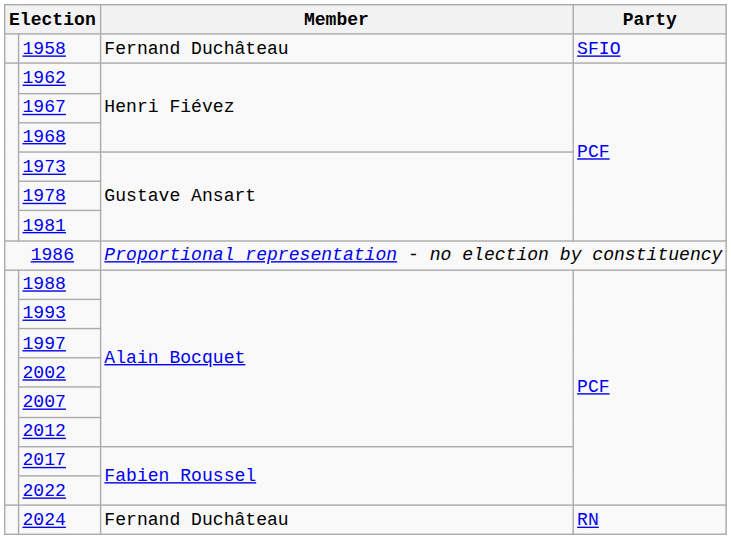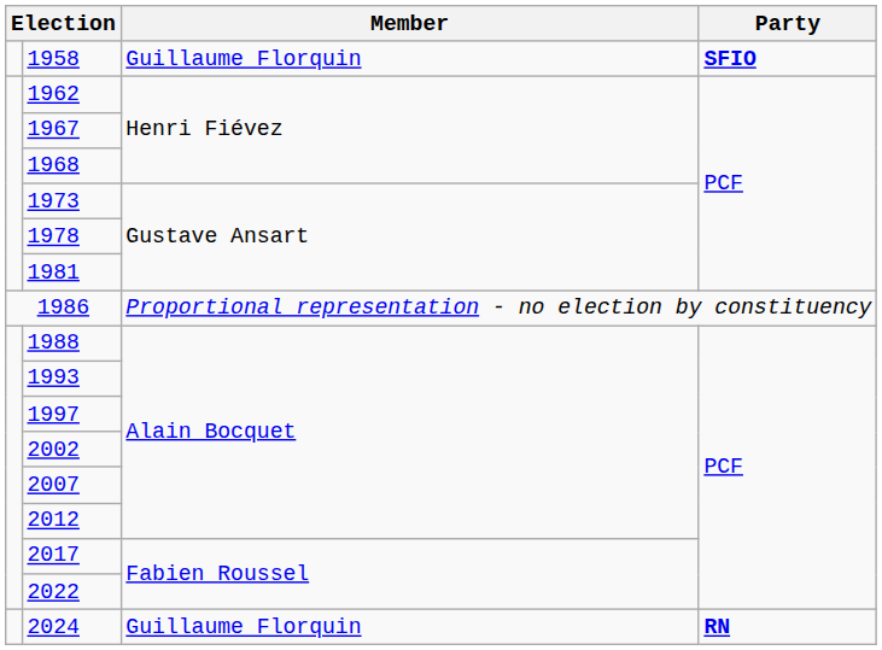 <table class="wikitable">
 <tr>
 <th colspan="2">Election</th>
 <th>Member</th>
 <th>Party</th>
 </tr>
 <tr>
 <td style="color:inherit;background-color: "></td>
 <td><a href='#'>1958</a></td>
-<td>Fernand Duchâteau</td>
-<td><a href='#'>SFIO</a></td>
+<td><a href='#'>Guillaume Florquin</a></td>
+<td><strong><a href='#'>SFIO</a></strong></td>
 </tr>
 <tr>
 <td rowspan="6" style="color:inherit;background-color: "></td>
 <td><a href='#'>1962</a></td>
 <td rowspan="3">Henri Fiévez</td>
 <td rowspan="6"><a href='#'>PCF</a></td>
 </tr>
 <tr>
 <td><a href='#'>1967</a></td>
 </tr>
 <tr>
 <td><a href='#'>1968</a></td>
 </tr>
 <tr>
 <td><a href='#'>1973</a></td>
 <td rowspan="3">Gustave Ansart</td>
 </tr>
 <tr>
 <td><a href='#'>1978</a></td>
 </tr>
 <tr>
 <td><a href='#'>1981</a></td>
 </tr>
 <tr>
 <td colspan="2" align="center"><a href='#'>1986</a></td>
 <td colspan="2"><em><a href='#'>Proportional representation</a> - no election by constituency</em></td>
 </tr>
 <tr>
 <td rowspan="8" style="color:inherit;background-color: "></td>
 <td><a href='#'>1988</a></td>
 <td rowspan="6"><a href='#'>Alain Bocquet</a></td>
 <td rowspan="8"><a href='#'>PCF</a></td>
 </tr>
 <tr>
 <td><a href='#'>1993</a></td>
 </tr>
 <tr>
 <td><a href='#'>1997</a></td>
 </tr>
 <tr>
 <td><a href='#'>2002</a></td>
 </tr>
 <tr>
 <td><a href='#'>2007</a></td>
 </tr>
 <tr>
 <td><a href='#'>2012</a></td>
 </tr>
 <tr>
 <td><a href='#'>2017</a></td>
 <td rowspan="2"><a href='#'>Fabien Roussel</a></td>
 </tr>
 <tr>
 <td><a href='#'>2022</a></td>
 </tr>
 <tr>
 <td style="color:inherit;background-color: "></td>
 <td><a href='#'>2024</a></td>
-<td>Fernand Duchâteau</td>
-<td><a href='#'>RN</a></td>
+<td><a href='#'>Guillaume Florquin</a></td>
+<td><strong><a href='#'>RN</a></strong></td>
 </tr>
 </table>
